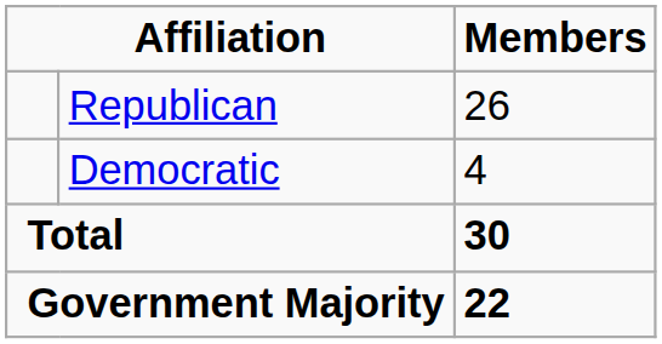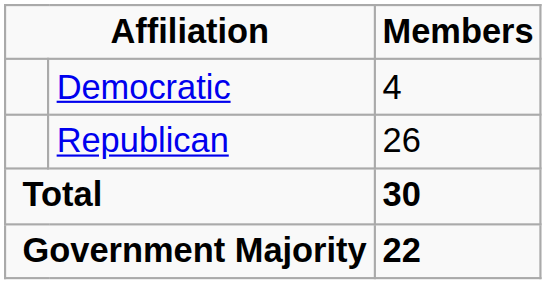 <table class="wikitable">
 <tr>
 <td colspan="2" rowspan="1" align="center" valign="top"><strong>Affiliation</strong></td>
 <td style="vertical-align:top;"><strong>Members</strong></td>
 </tr>
 <tr>
 <td style="background-color:"> </td>
-<td><a href='#'>Republican</a></td>
-<td>26</td>
+<td><a href='#'>Democratic</a></td>
+<td>4</td>
 </tr>
 <tr>
 <td style="background-color:"> </td>
-<td><a href='#'>Democratic</a></td>
-<td>4</td>
+<td><a href='#'>Republican</a></td>
+<td>26</td>
 </tr>
 <tr>
 <td colspan="2" rowspan="1"> <strong>Total</strong></td>
 <td><strong>30</strong></td>
 </tr>
 <tr>
 <td colspan="2" rowspan="1"> <strong>Government Majority</strong></td>
 <td><strong>22</strong></td>
 </tr>
 </table>
